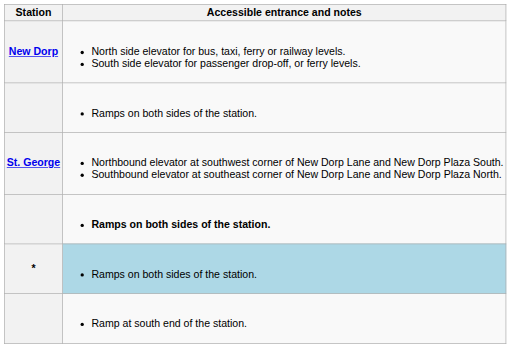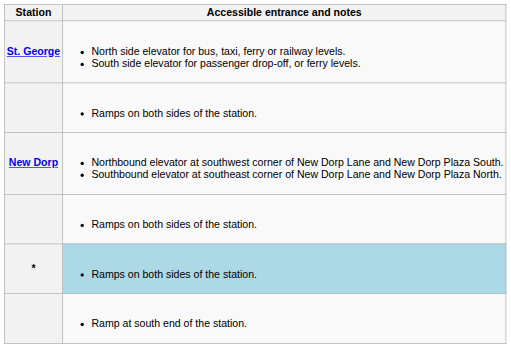 <table class="wikitable mw-collapsible sortable">
 <tr>
 <th>Station</th>
 <th class="unsortable">Accessible entrance and notes</th>
 </tr>
 <tr>
-<th><a href='#'>New Dorp</a></th>
+<th><a href='#'>St. George</a></th>
 <td><br><ul><li>North side elevator for bus, taxi, ferry or railway levels.</li><li>South side elevator for passenger drop-off, or ferry levels.</li></ul></td>
 </tr>
 <tr>
 <th></th>
 <td><br><ul><li>Ramps on both sides of the station.</li></ul></td>
 </tr>
 <tr>
-<th><a href='#'>St. George</a></th>
+<th><a href='#'>New Dorp</a></th>
 <td><br><ul><li>Northbound elevator at southwest corner of New Dorp Lane and New Dorp Plaza South.</li><li>Southbound elevator at southeast corner of New Dorp Lane and New Dorp Plaza North.</li></ul></td>
 </tr>
 <tr>
 <th></th>
-<td><strong><br><ul><li>Ramps on both sides of the station.</li></ul></strong></td>
+<td><br><ul><li>Ramps on both sides of the station.</li></ul></td>
 </tr>
 <tr>
 <th>*</th>
 <td style="background: lightblue;"><br><ul><li>Ramps on both sides of the station.</li></ul></td>
 </tr>
 <tr>
 <th></th>
 <td><br><ul><li>Ramp at south end of the station.</li></ul></td>
 </tr>
 </table>
